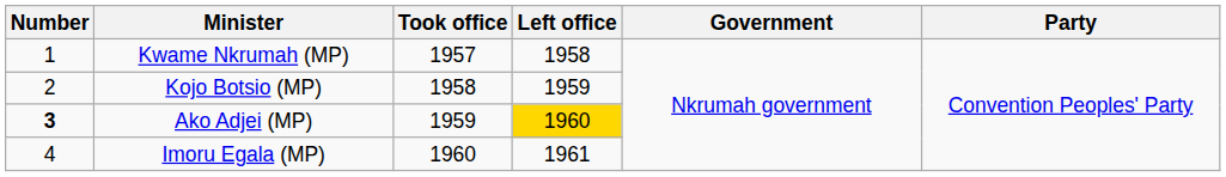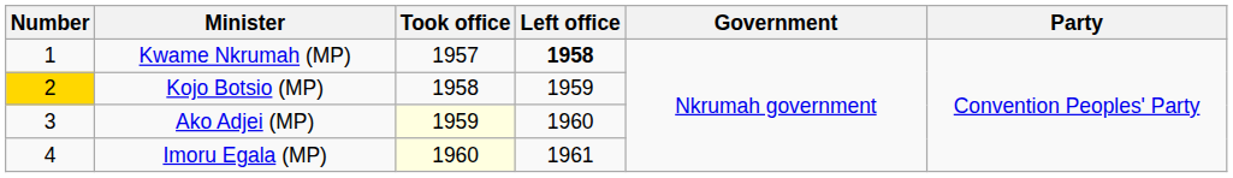 <table class="wikitable" style="font-size:90%; text-align:center;">
 <tr>
 <th>Number</th>
 <th width=200>Minister</th>
 <th>Took office</th>
 <th>Left office</th>
 <th width=200>Government</th>
 <th width=200>Party</th>
 </tr>
 <tr>
 <td>1</td>
 <td><a href='#'>Kwame Nkrumah</a> (MP)</td>
 <td>1957</td>
-<td>1958</td>
+<td><strong>1958</strong></td>
 <td rowspan=4><a href='#'>Nkrumah government</a></td>
 <td rowspan=4><a href='#'>Convention Peoples' Party</a></td>
 </tr>
 <tr>
-<td>2</td>
+<td style="background: gold;">2</td>
 <td><a href='#'>Kojo Botsio</a> (MP)</td>
 <td>1958</td>
 <td>1959</td>
 </tr>
 <tr>
-<td><strong>3</strong></td>
+<td>3</td>
 <td><a href='#'>Ako Adjei</a> (MP)</td>
-<td>1959</td>
-<td style="background: gold;">1960</td>
+<td style="background: lightyellow;">1959</td>
+<td>1960</td>
 </tr>
 <tr>
 <td>4</td>
 <td><a href='#'>Imoru Egala</a> (MP)</td>
-<td>1960</td>
+<td style="background: lightyellow;">1960</td>
 <td>1961</td>
 </tr>
 </table>
